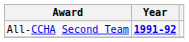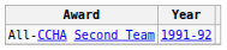 <table class="wikitable">
 <tr>
 <th>Award</th>
 <th>Year</th>
 <th></th>
 </tr>
 <tr>
 <td>All-<a href='#'>CCHA</a> <a href='#'>Second Team</a></td>
-<td><strong><a href='#'>1991-92</a></strong></td>
+<td><a href='#'>1991-92</a></td>
 <td></td>
 </tr>
 <tr>
 </tr>
 </table>
